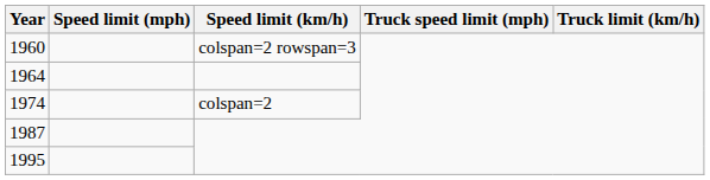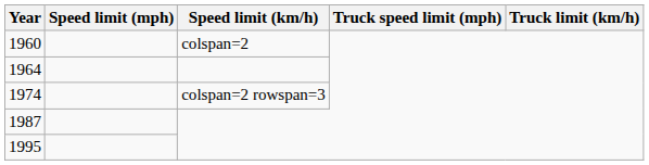 <table class="wikitable">
 <tr>
 <th>Year</th>
 <th>Speed limit (mph)</th>
 <th>Speed limit (km/h)</th>
 <th>Truck speed limit (mph)</th>
 <th>Truck limit (km/h)</th>
 </tr>
 <tr>
 <td>1960</td>
 <td></td>
-<td>colspan=2 rowspan=3 </td>
+<td>colspan=2 </td>
 </tr>
 <tr>
 <td>1964</td>
 <td></td>
 <td></td>
 </tr>
 <tr>
 <td>1974</td>
 <td></td>
-<td>colspan=2 </td>
+<td>colspan=2 rowspan=3 </td>
 </tr>
 <tr>
 <td>1987</td>
 <td></td>
 </tr>
 <tr>
 <td>1995</td>
 <td></td>
 </tr>
 </table>
